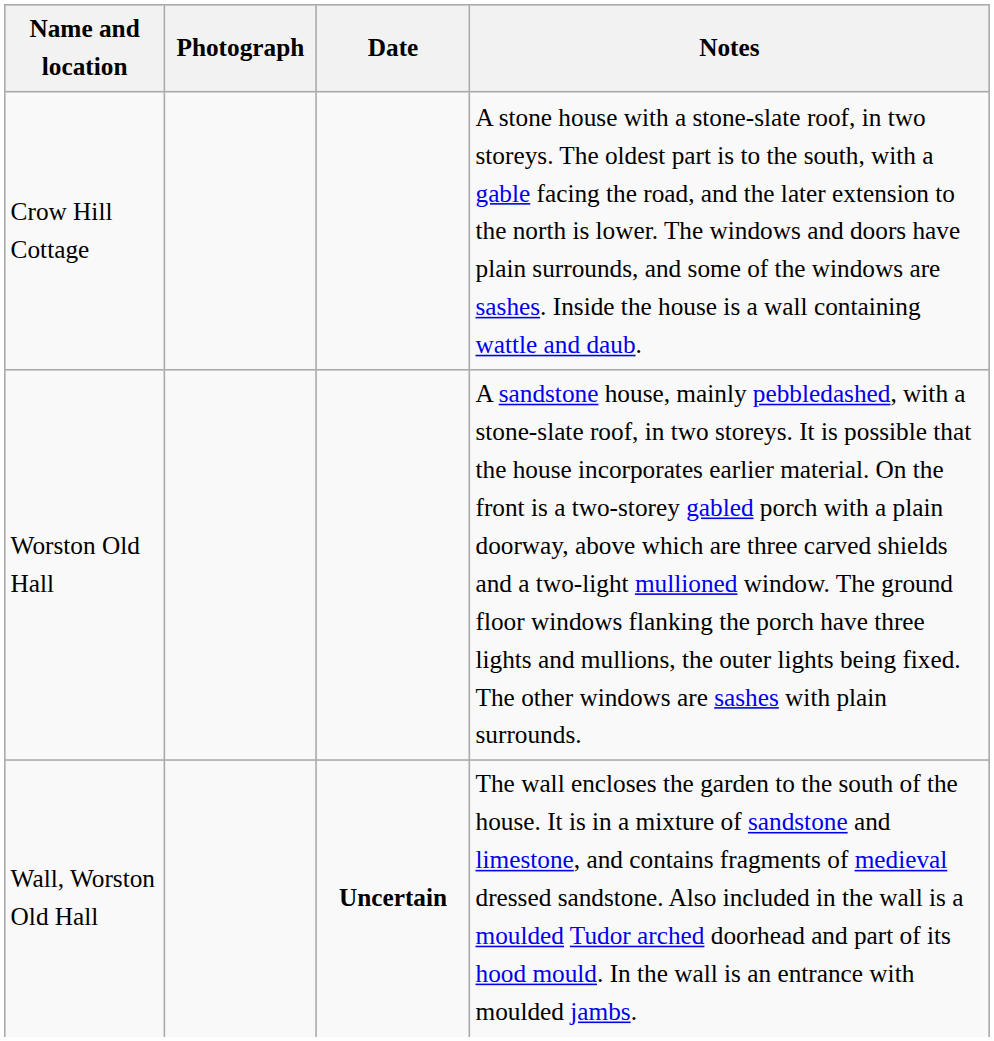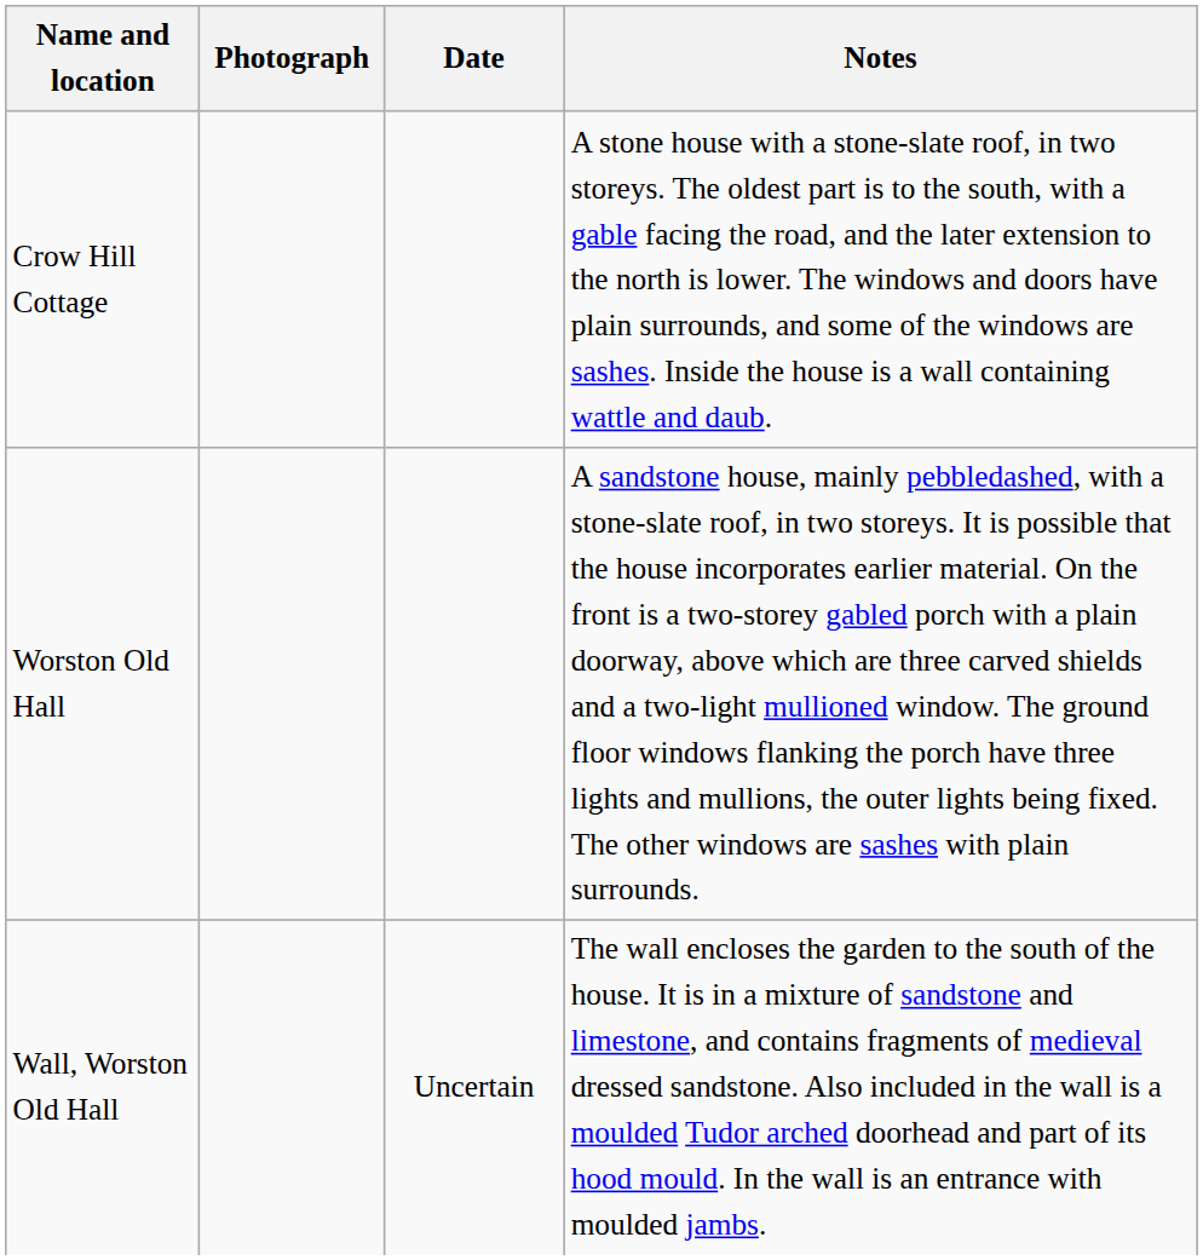 <table class="wikitable sortable plainrowheaders" style="width:100%;border:0px;text-align:left;line-height:150%;">
 <tr>
 <th scope="col"  style="width:150px">Name and location</th>
 <th scope="col"  style="width:100px" class="unsortable">Photograph</th>
 <th scope="col"  style="width:120px">Date</th>
 <th scope="col"  style="width:650px" class="unsortable">Notes</th>
 </tr>
 <tr>
 <td>Crow Hill Cottage<br><small></small></td>
 <td></td>
 <td align="center"></td>
 <td>A stone house with a stone-slate roof, in two storeys.  The oldest part is to the south, with a <a href='#'>gable</a> facing the road, and the later extension to the north is lower.  The windows and doors have plain surrounds, and some of the windows are <a href='#'>sashes</a>.  Inside the house is a wall containing <a href='#'>wattle and daub</a>.</td>
 </tr>
 <tr>
 <td>Worston Old Hall<br><small></small></td>
 <td></td>
 <td align="center"></td>
 <td>A <a href='#'>sandstone</a> house, mainly <a href='#'>pebbledashed</a>, with a stone-slate roof, in two storeys.  It is possible that the house incorporates earlier material.  On the front is a two-storey <a href='#'>gabled</a> porch with a plain doorway, above which are three carved shields and a two-light <a href='#'>mullioned</a> window.  The ground floor windows flanking the porch have three lights and mullions, the outer lights being fixed.  The other windows are <a href='#'>sashes</a> with plain surrounds.</td>
 </tr>
 <tr>
 <td>Wall, Worston Old Hall<br><small></small></td>
 <td></td>
-<td align="center"><strong>Uncertain</strong></td>
+<td align="center">Uncertain</td>
 <td>The wall encloses the garden to the south of the house.  It is in a mixture of <a href='#'>sandstone</a> and <a href='#'>limestone</a>, and contains fragments of <a href='#'>medieval</a> dressed sandstone. Also included in the wall is a <a href='#'>moulded</a> <a href='#'>Tudor arched</a> doorhead and part of its <a href='#'>hood mould</a>.  In the wall is an entrance with moulded <a href='#'>jambs</a>.</td>
 </tr>
 <tr>
 </tr>
 </table>
